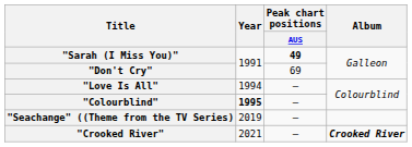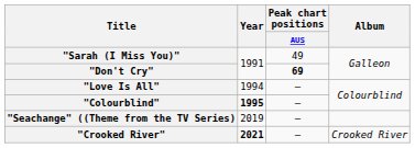 <table class="wikitable plainrowheaders" style="text-align:center;" border="1">
 <tr>
 <th scope="col" rowspan="2">Title</th>
 <th scope="col" rowspan="2">Year</th>
 <th scope="col" colspan="1">Peak chart<br>positions</th>
 <th scope="col" rowspan="2">Album</th>
 </tr>
 <tr>
 <th scope="col" style="text-align:center;"><small><a href='#'>AUS</a></small><br></th>
 </tr>
 <tr>
 <th scope="row">"Sarah (I Miss You)"</th>
 <td rowspan="2">1991</td>
-<td><strong>49</strong></td>
+<td>49</td>
 <td rowspan="2"><em>Galleon</em></td>
 </tr>
 <tr>
 <th scope="row">"Don't Cry"</th>
-<td>69</td>
+<td><strong>69</strong></td>
 </tr>
 <tr>
 <th scope="row">"Love Is All"</th>
 <td>1994</td>
 <td>—</td>
 <td rowspan="2"><em>Colourblind</em></td>
 </tr>
 <tr>
 <th scope="row">"Colourblind"</th>
 <td><strong>1995</strong></td>
 <td>—</td>
 </tr>
 <tr>
 <th scope="row">"Seachange" ((Theme from the TV Series)<br></th>
 <td>2019</td>
 <td>—</td>
 <td></td>
 </tr>
 <tr>
 <th scope="row">"Crooked River"</th>
-<td>2021</td>
+<td><strong>2021</strong></td>
 <td>—</td>
-<td><strong><em>Crooked River</em></strong></td>
+<td><em>Crooked River</em></td>
 </tr>
 </table>
